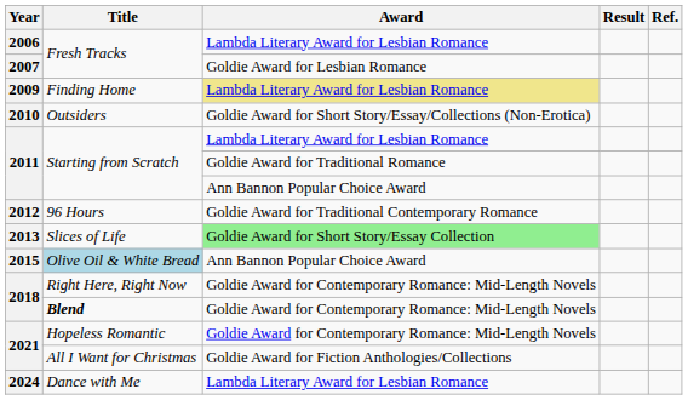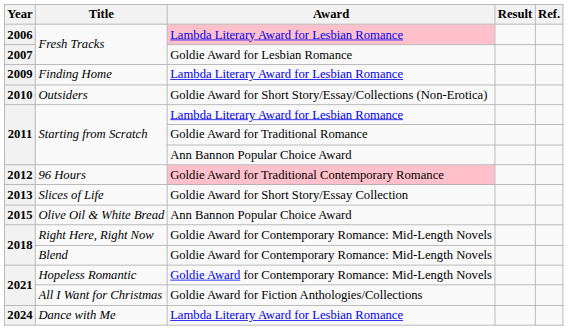 <table class="wikitable sortable">
 <tr>
 <th>Year</th>
 <th>Title</th>
 <th>Award</th>
 <th>Result</th>
 <th>Ref.</th>
 </tr>
 <tr>
 <th>2006</th>
 <td rowspan="2"><em>Fresh Tracks</em></td>
-<td><a href='#'>Lambda Literary Award for Lesbian Romance</a></td>
+<td style="background: pink;"><a href='#'>Lambda Literary Award for Lesbian Romance</a></td>
 <td></td>
 <td></td>
 </tr>
 <tr>
 <th>2007</th>
 <td>Goldie Award for Lesbian Romance</td>
 <td></td>
 <td></td>
 </tr>
 <tr>
 <th>2009</th>
 <td><em>Finding Home</em></td>
-<td style="background: khaki;"><a href='#'>Lambda Literary Award for Lesbian Romance</a></td>
+<td><a href='#'>Lambda Literary Award for Lesbian Romance</a></td>
 <td></td>
 <td></td>
 </tr>
 <tr>
 <th>2010</th>
 <td><em>Outsiders</em></td>
 <td>Goldie Award for Short Story/Essay/Collections (Non-Erotica)</td>
 <td></td>
 <td></td>
 </tr>
 <tr>
 <th rowspan="3">2011</th>
 <td rowspan="3"><em>Starting from Scratch</em></td>
 <td><a href='#'>Lambda Literary Award for Lesbian Romance</a></td>
 <td></td>
 <td></td>
 </tr>
 <tr>
 <td>Goldie Award for Traditional Romance</td>
 <td></td>
 <td></td>
 </tr>
 <tr>
 <td>Ann Bannon Popular Choice Award</td>
 <td></td>
 <td></td>
 </tr>
 <tr>
 <th>2012</th>
 <td><em>96 Hours</em></td>
-<td>Goldie Award for Traditional Contemporary Romance</td>
+<td style="background: pink;">Goldie Award for Traditional Contemporary Romance</td>
 <td></td>
 <td></td>
 </tr>
 <tr>
 <th>2013</th>
 <td><em>Slices of Life</em></td>
-<td style="background: lightgreen;">Goldie Award for Short Story/Essay Collection</td>
+<td>Goldie Award for Short Story/Essay Collection</td>
 <td></td>
 <td></td>
 </tr>
 <tr>
 <th>2015</th>
-<td style="background: lightblue;"><em>Olive Oil & White Bread</em></td>
+<td><em>Olive Oil & White Bread</em></td>
 <td>Ann Bannon Popular Choice Award</td>
 <td></td>
 <td></td>
 </tr>
 <tr>
 <th rowspan="2">2018</th>
 <td><em>Right Here, Right Now</em></td>
 <td>Goldie Award for Contemporary Romance: Mid-Length Novels</td>
 <td></td>
 <td></td>
 </tr>
 <tr>
-<td><strong><em>Blend</em></strong></td>
+<td><em>Blend</em></td>
 <td>Goldie Award for Contemporary Romance: Mid-Length Novels</td>
 <td></td>
 <td></td>
 </tr>
 <tr>
 <th rowspan="2">2021</th>
 <td><em>Hopeless Romantic</em></td>
 <td><a href='#'>Goldie Award</a> for Contemporary Romance: Mid-Length Novels</td>
 <td></td>
 <td></td>
 </tr>
 <tr>
 <td><em>All I Want for Christmas</em></td>
 <td>Goldie Award for Fiction Anthologies/Collections</td>
 <td></td>
 <td></td>
 </tr>
 <tr>
 <th>2024</th>
 <td><em>Dance with Me</em></td>
 <td><a href='#'>Lambda Literary Award for Lesbian Romance</a></td>
 <td></td>
 <td></td>
 </tr>
 </table>
